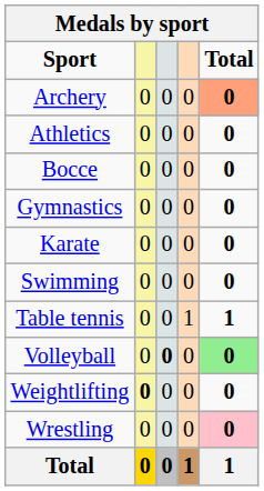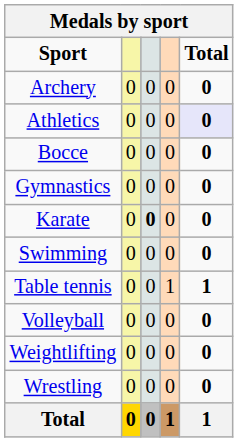 <table class="wikitable" style="font-size:85%">
 <tr style="background:#efefef;">
 <th colspan=7><strong>Medals by sport</strong></th>
 </tr>
 <tr align=center>
 <td><strong>Sport</strong></td>
 <td bgcolor=#f7f6a8></td>
 <td bgcolor=#dce5e5></td>
 <td bgcolor=#ffdab9></td>
 <td><strong>Total</strong></td>
 </tr>
 <tr align=center>
 <td><a href='#'>Archery</a></td>
 <td style="background:#F7F6A8;">0</td>
 <td style="background:#DCE5E5;">0</td>
 <td style="background:#FFDAB9;">0</td>
-<td style="background: lightsalmon;"><strong>0</strong></td>
+<td><strong>0</strong></td>
 </tr>
 <tr align=center>
 <td><a href='#'>Athletics</a></td>
 <td style="background:#F7F6A8;">0</td>
 <td style="background:#DCE5E5;">0</td>
 <td style="background:#FFDAB9;">0</td>
-<td><strong>0</strong></td>
+<td style="background: lavender;"><strong>0</strong></td>
 </tr>
 <tr align=center>
 <td><a href='#'>Bocce</a></td>
 <td style="background:#F7F6A8;">0</td>
 <td style="background:#DCE5E5;">0</td>
 <td style="background:#FFDAB9;">0</td>
 <td><strong>0</strong></td>
 </tr>
 <tr align=center>
 <td><a href='#'>Gymnastics</a></td>
 <td style="background:#F7F6A8;">0</td>
 <td style="background:#DCE5E5;">0</td>
 <td style="background:#FFDAB9;">0</td>
 <td><strong>0</strong></td>
 </tr>
 <tr align=center>
 <td><a href='#'>Karate</a></td>
 <td style="background:#F7F6A8;">0</td>
-<td style="background:#DCE5E5;">0</td>
+<td style="background:#DCE5E5;"><strong>0</strong></td>
 <td style="background:#FFDAB9;">0</td>
 <td><strong>0</strong></td>
 </tr>
 <tr align=center>
 <td><a href='#'>Swimming</a></td>
 <td style="background:#F7F6A8;">0</td>
 <td style="background:#DCE5E5;">0</td>
 <td style="background:#FFDAB9;">0</td>
 <td><strong>0</strong></td>
 </tr>
 <tr align=center>
 <td><a href='#'>Table tennis</a></td>
 <td style="background:#F7F6A8;">0</td>
 <td style="background:#DCE5E5;">0</td>
 <td style="background:#FFDAB9;">1</td>
 <td><strong>1</strong></td>
 </tr>
 <tr align=center>
 <td><a href='#'>Volleyball</a></td>
 <td style="background:#F7F6A8;">0</td>
-<td style="background:#DCE5E5;"><strong>0</strong></td>
+<td style="background:#DCE5E5;">0</td>
 <td style="background:#FFDAB9;">0</td>
-<td style="background: lightgreen;"><strong>0</strong></td>
+<td><strong>0</strong></td>
 </tr>
 <tr align=center>
 <td><a href='#'>Weightlifting</a></td>
-<td style="background:#F7F6A8;"><strong>0</strong></td>
+<td style="background:#F7F6A8;">0</td>
 <td style="background:#DCE5E5;">0</td>
 <td style="background:#FFDAB9;">0</td>
 <td><strong>0</strong></td>
 </tr>
 <tr align=center>
 <td><a href='#'>Wrestling</a></td>
 <td style="background:#F7F6A8;">0</td>
 <td style="background:#DCE5E5;">0</td>
 <td style="background:#FFDAB9;">0</td>
-<td style="background: pink;"><strong>0</strong></td>
+<td><strong>0</strong></td>
 </tr>
 <tr align=center>
 <th><strong>Total</strong></th>
 <th style="background:gold;"><strong>0</strong></th>
 <th style="background:silver;"><strong>0</strong></th>
 <th style="background:#c96;"><strong>1</strong></th>
 <th><strong>1</strong></th>
 </tr>
 </table>
